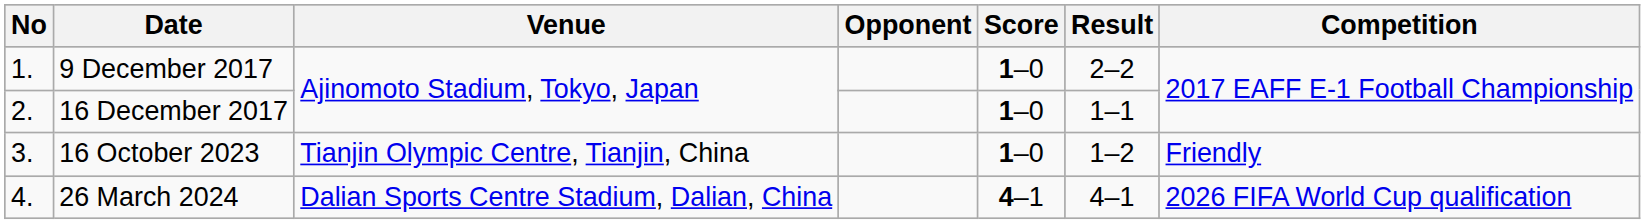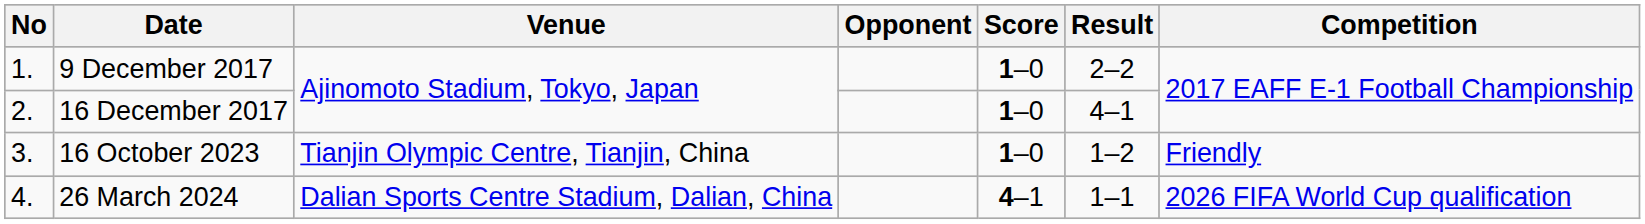 <table class="wikitable">
 <tr>
 <th>No</th>
 <th>Date</th>
 <th>Venue</th>
 <th>Opponent</th>
 <th>Score</th>
 <th>Result</th>
 <th>Competition</th>
 </tr>
 <tr>
 <td>1.</td>
 <td>9 December 2017</td>
 <td rowspan=2><a href='#'>Ajinomoto Stadium</a>, <a href='#'>Tokyo</a>, <a href='#'>Japan</a></td>
 <td></td>
 <td align=center><strong>1</strong>–0</td>
 <td align=center>2–2</td>
 <td rowspan=2><a href='#'>2017 EAFF E-1 Football Championship</a></td>
 </tr>
 <tr>
 <td>2.</td>
 <td>16 December 2017</td>
 <td></td>
 <td align=center><strong>1</strong>–0</td>
-<td align=center>1–1</td>
+<td align=center>4–1</td>
 </tr>
 <tr>
 <td>3.</td>
 <td>16 October 2023</td>
 <td><a href='#'>Tianjin Olympic Centre</a>, <a href='#'>Tianjin</a>, China</td>
 <td></td>
 <td align=center><strong>1</strong>–0</td>
 <td align=center>1–2</td>
 <td><a href='#'>Friendly</a></td>
 </tr>
 <tr>
 <td>4.</td>
 <td>26 March 2024</td>
 <td><a href='#'>Dalian Sports Centre Stadium</a>, <a href='#'>Dalian</a>, <a href='#'>China</a></td>
 <td></td>
 <td align=center><strong>4</strong>–1</td>
-<td align=center>4–1</td>
+<td align=center>1–1</td>
 <td><a href='#'>2026 FIFA World Cup qualification</a></td>
 </tr>
 </table>
